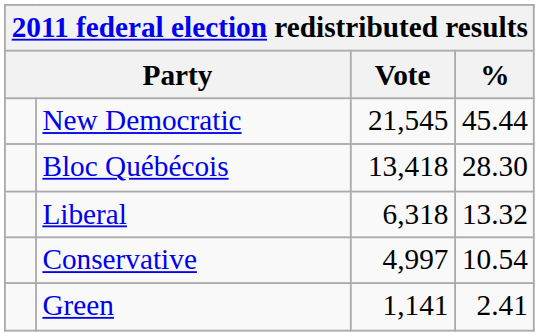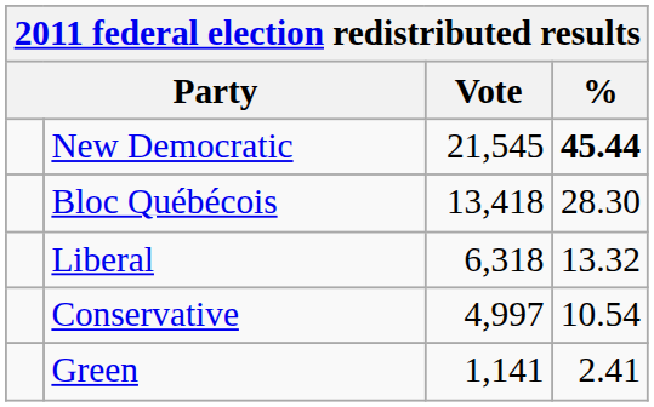 <table class="wikitable">
 <tr>
 <th colspan="4"><a href='#'>2011 federal election</a> redistributed results</th>
 </tr>
 <tr>
 <th bgcolor="#DDDDFF" width="130px" colspan="2">Party</th>
 <th bgcolor="#DDDDFF" width="50px">Vote</th>
 <th bgcolor="#DDDDFF" width="30px">%</th>
 </tr>
 <tr>
 <td> </td>
 <td><a href='#'>New Democratic</a></td>
 <td align=right>21,545</td>
-<td align=right>45.44</td>
+<td align=right><strong>45.44</strong></td>
 </tr>
 <tr>
 <td> </td>
 <td><a href='#'>Bloc Québécois</a></td>
 <td align=right>13,418</td>
 <td align=right>28.30</td>
 </tr>
 <tr>
 <td> </td>
 <td><a href='#'>Liberal</a></td>
 <td align=right>6,318</td>
 <td align=right>13.32</td>
 </tr>
 <tr>
 <td> </td>
 <td><a href='#'>Conservative</a></td>
 <td align=right>4,997</td>
 <td align=right>10.54</td>
 </tr>
 <tr>
 <td> </td>
 <td><a href='#'>Green</a></td>
 <td align=right>1,141</td>
 <td align=right>2.41</td>
 </tr>
 </table>
